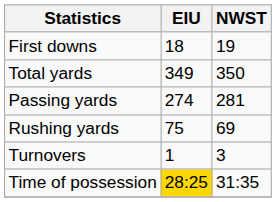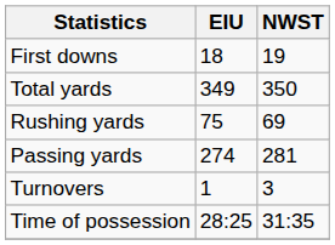 <table class="wikitable" style="float: left;">
 <tr>
 <th>Statistics</th>
 <th>EIU</th>
 <th>NWST</th>
 </tr>
 <tr>
 <td>First downs</td>
 <td>18</td>
 <td>19</td>
 </tr>
 <tr>
 <td>Total yards</td>
 <td>349</td>
 <td>350</td>
 </tr>
 <tr>
+<td>Rushing yards</td>
+<td>75</td>
+<td>69</td>
+</tr>
+<tr>
 <td>Passing yards</td>
 <td>274</td>
 <td>281</td>
-</tr>
-<tr>
-<td>Rushing yards</td>
-<td>75</td>
-<td>69</td>
 </tr>
 <tr>
 <td>Turnovers</td>
 <td>1</td>
 <td>3</td>
 </tr>
 <tr>
 <td>Time of possession</td>
-<td style="background: gold;">28:25</td>
+<td>28:25</td>
 <td>31:35</td>
 </tr>
 <tr>
 </tr>
 </table>
